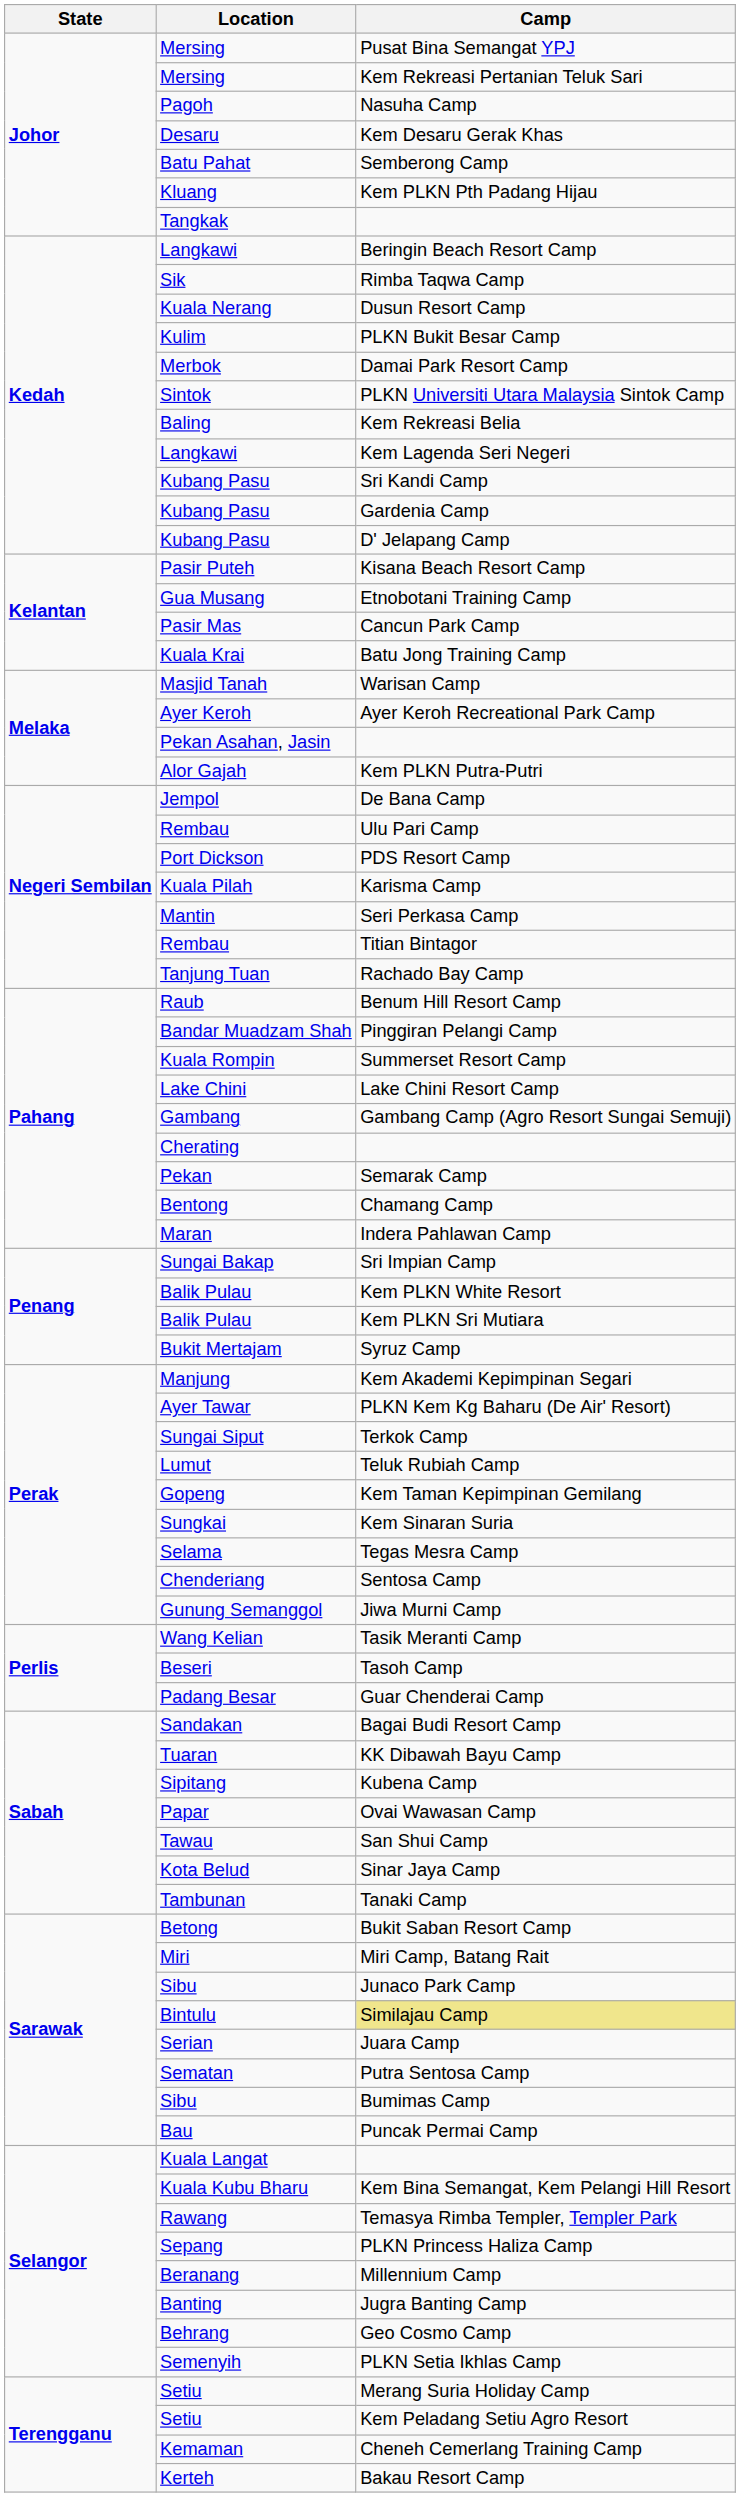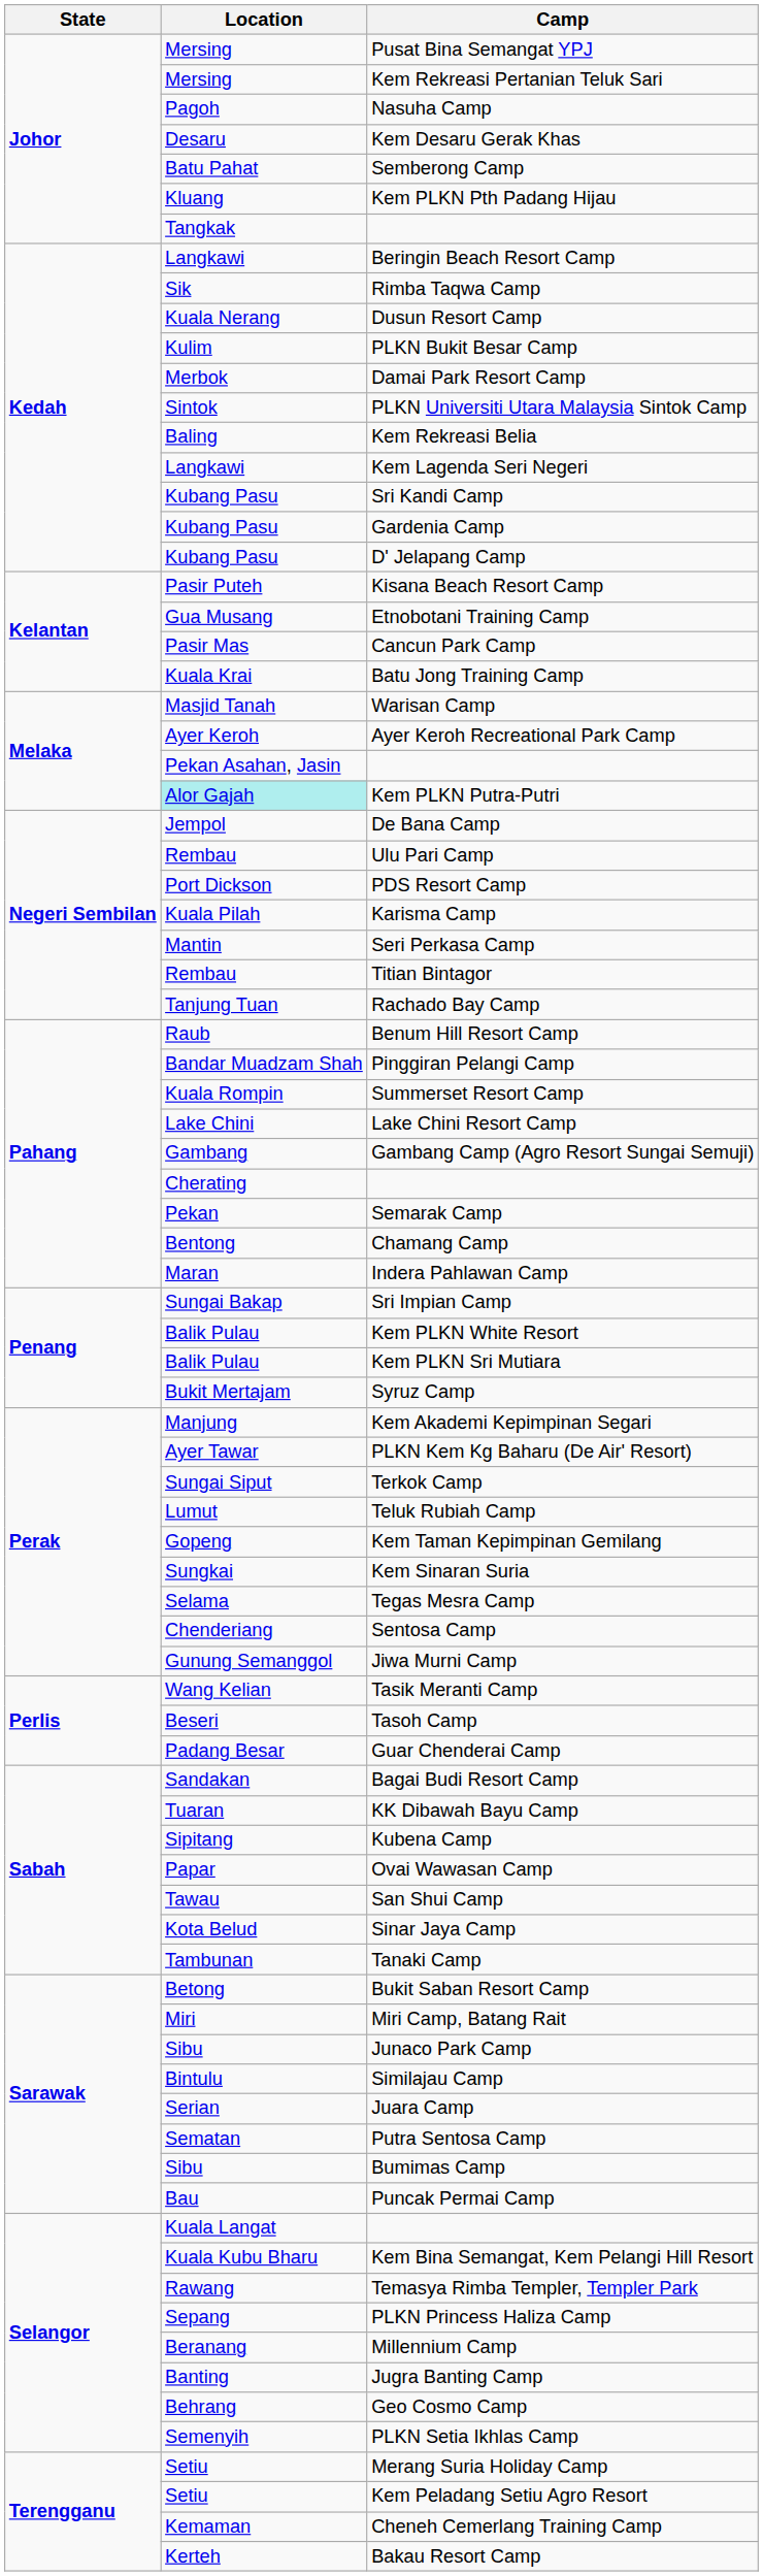 <table class="wikitable">
 <tr>
 <th>State</th>
 <th>Location</th>
 <th>Camp</th>
 </tr>
 <tr>
 <td rowspan="7"><strong><a href='#'>Johor</a></strong></td>
 <td><a href='#'>Mersing</a></td>
 <td>Pusat Bina Semangat <a href='#'>YPJ</a></td>
 </tr>
 <tr>
 <td><a href='#'>Mersing</a></td>
 <td>Kem Rekreasi Pertanian Teluk Sari</td>
 </tr>
 <tr>
 <td><a href='#'>Pagoh</a></td>
 <td>Nasuha Camp</td>
 </tr>
 <tr>
 <td><a href='#'>Desaru</a></td>
 <td>Kem Desaru Gerak Khas</td>
 </tr>
 <tr>
 <td><a href='#'>Batu Pahat</a></td>
 <td>Semberong Camp</td>
 </tr>
 <tr>
 <td><a href='#'>Kluang</a></td>
 <td>Kem PLKN Pth Padang Hijau</td>
 </tr>
 <tr>
 <td><a href='#'>Tangkak</a></td>
 <td></td>
 </tr>
 <tr>
 <td rowspan="11"><strong><a href='#'>Kedah</a></strong></td>
 <td><a href='#'>Langkawi</a></td>
 <td>Beringin Beach Resort Camp</td>
 </tr>
 <tr>
 <td><a href='#'>Sik</a></td>
 <td>Rimba Taqwa Camp</td>
 </tr>
 <tr>
 <td><a href='#'>Kuala Nerang</a></td>
 <td>Dusun Resort Camp</td>
 </tr>
 <tr>
 <td><a href='#'>Kulim</a></td>
 <td>PLKN Bukit Besar Camp</td>
 </tr>
 <tr>
 <td><a href='#'>Merbok</a></td>
 <td>Damai Park Resort Camp</td>
 </tr>
 <tr>
 <td><a href='#'>Sintok</a></td>
 <td>PLKN <a href='#'>Universiti Utara Malaysia</a> Sintok Camp</td>
 </tr>
 <tr>
 <td><a href='#'>Baling</a></td>
 <td>Kem Rekreasi Belia</td>
 </tr>
 <tr>
 <td><a href='#'>Langkawi</a></td>
 <td>Kem Lagenda Seri Negeri</td>
 </tr>
 <tr>
 <td><a href='#'>Kubang Pasu</a></td>
 <td>Sri Kandi Camp</td>
 </tr>
 <tr>
 <td><a href='#'>Kubang Pasu</a></td>
 <td>Gardenia Camp</td>
 </tr>
 <tr>
 <td><a href='#'>Kubang Pasu</a></td>
 <td>D' Jelapang Camp</td>
 </tr>
 <tr>
 <td rowspan="4"><strong><a href='#'>Kelantan</a></strong></td>
 <td><a href='#'>Pasir Puteh</a></td>
 <td>Kisana Beach Resort Camp</td>
 </tr>
 <tr>
 <td><a href='#'>Gua Musang</a></td>
 <td>Etnobotani Training Camp</td>
 </tr>
 <tr>
 <td><a href='#'>Pasir Mas</a></td>
 <td>Cancun Park Camp</td>
 </tr>
 <tr>
 <td><a href='#'>Kuala Krai</a></td>
 <td>Batu Jong Training Camp</td>
 </tr>
 <tr>
 <td rowspan="4"><strong><a href='#'>Melaka</a></strong></td>
 <td><a href='#'>Masjid Tanah</a></td>
 <td>Warisan Camp</td>
 </tr>
 <tr>
 <td><a href='#'>Ayer Keroh</a></td>
 <td>Ayer Keroh Recreational Park Camp</td>
 </tr>
 <tr>
 <td><a href='#'>Pekan Asahan</a>, <a href='#'>Jasin</a></td>
 <td></td>
 </tr>
 <tr>
-<td><a href='#'>Alor Gajah</a></td>
+<td style="background: paleturquoise;"><a href='#'>Alor Gajah</a></td>
 <td>Kem PLKN Putra-Putri</td>
 </tr>
 <tr>
 <td rowspan="7"><strong><a href='#'>Negeri Sembilan</a></strong></td>
 <td><a href='#'>Jempol</a></td>
 <td>De Bana Camp</td>
 </tr>
 <tr>
 <td><a href='#'>Rembau</a></td>
 <td>Ulu Pari Camp</td>
 </tr>
 <tr>
 <td><a href='#'>Port Dickson</a></td>
 <td>PDS Resort Camp</td>
 </tr>
 <tr>
 <td><a href='#'>Kuala Pilah</a></td>
 <td>Karisma Camp</td>
 </tr>
 <tr>
 <td><a href='#'>Mantin</a></td>
 <td>Seri Perkasa Camp</td>
 </tr>
 <tr>
 <td><a href='#'>Rembau</a></td>
 <td>Titian Bintagor</td>
 </tr>
 <tr>
 <td><a href='#'>Tanjung Tuan</a></td>
 <td>Rachado Bay Camp</td>
 </tr>
 <tr>
 <td rowspan="9"><strong><a href='#'>Pahang</a></strong></td>
 <td><a href='#'>Raub</a></td>
 <td>Benum Hill Resort Camp</td>
 </tr>
 <tr>
 <td><a href='#'>Bandar Muadzam Shah</a></td>
 <td>Pinggiran Pelangi Camp</td>
 </tr>
 <tr>
 <td><a href='#'>Kuala Rompin</a></td>
 <td>Summerset Resort Camp</td>
 </tr>
 <tr>
 <td><a href='#'>Lake Chini</a></td>
 <td>Lake Chini Resort Camp</td>
 </tr>
 <tr>
 <td><a href='#'>Gambang</a></td>
 <td>Gambang Camp (Agro Resort Sungai Semuji)</td>
 </tr>
 <tr>
 <td><a href='#'>Cherating</a></td>
 <td></td>
 </tr>
 <tr>
 <td><a href='#'>Pekan</a></td>
 <td>Semarak Camp</td>
 </tr>
 <tr>
 <td><a href='#'>Bentong</a></td>
 <td>Chamang Camp</td>
 </tr>
 <tr>
 <td><a href='#'>Maran</a></td>
 <td>Indera Pahlawan Camp</td>
 </tr>
 <tr>
 <td rowspan="4"><strong><a href='#'>Penang</a></strong></td>
 <td><a href='#'>Sungai Bakap</a></td>
 <td>Sri Impian Camp</td>
 </tr>
 <tr>
 <td><a href='#'>Balik Pulau</a></td>
 <td>Kem PLKN White Resort</td>
 </tr>
 <tr>
 <td><a href='#'>Balik Pulau</a></td>
 <td>Kem PLKN Sri Mutiara</td>
 </tr>
 <tr>
 <td><a href='#'>Bukit Mertajam</a></td>
 <td>Syruz Camp</td>
 </tr>
 <tr>
 <td rowspan="9"><strong><a href='#'>Perak</a></strong></td>
 <td><a href='#'>Manjung</a></td>
 <td>Kem Akademi Kepimpinan Segari</td>
 </tr>
 <tr>
 <td><a href='#'>Ayer Tawar</a></td>
 <td>PLKN Kem Kg Baharu (De Air' Resort)</td>
 </tr>
 <tr>
 <td><a href='#'>Sungai Siput</a></td>
 <td>Terkok Camp</td>
 </tr>
 <tr>
 <td><a href='#'>Lumut</a></td>
 <td>Teluk Rubiah Camp</td>
 </tr>
 <tr>
 <td><a href='#'>Gopeng</a></td>
 <td>Kem Taman Kepimpinan Gemilang</td>
 </tr>
 <tr>
 <td><a href='#'>Sungkai</a></td>
 <td>Kem Sinaran Suria</td>
 </tr>
 <tr>
 <td><a href='#'>Selama</a></td>
 <td>Tegas Mesra Camp</td>
 </tr>
 <tr>
 <td><a href='#'>Chenderiang</a></td>
 <td>Sentosa Camp</td>
 </tr>
 <tr>
 <td><a href='#'>Gunung Semanggol</a></td>
 <td>Jiwa Murni Camp</td>
 </tr>
 <tr>
 <td rowspan="3"><strong><a href='#'>Perlis</a></strong></td>
 <td><a href='#'>Wang Kelian</a></td>
 <td>Tasik Meranti Camp</td>
 </tr>
 <tr>
 <td><a href='#'>Beseri</a></td>
 <td>Tasoh Camp</td>
 </tr>
 <tr>
 <td><a href='#'>Padang Besar</a></td>
 <td>Guar Chenderai Camp</td>
 </tr>
 <tr>
 <td rowspan="7"><strong><a href='#'>Sabah</a></strong></td>
 <td><a href='#'>Sandakan</a></td>
 <td>Bagai Budi Resort Camp</td>
 </tr>
 <tr>
 <td><a href='#'>Tuaran</a></td>
 <td>KK Dibawah Bayu Camp</td>
 </tr>
 <tr>
 <td><a href='#'>Sipitang</a></td>
 <td>Kubena Camp</td>
 </tr>
 <tr>
 <td><a href='#'>Papar</a></td>
 <td>Ovai Wawasan Camp</td>
 </tr>
 <tr>
 <td><a href='#'>Tawau</a></td>
 <td>San Shui Camp</td>
 </tr>
 <tr>
 <td><a href='#'>Kota Belud</a></td>
 <td>Sinar Jaya Camp</td>
 </tr>
 <tr>
 <td><a href='#'>Tambunan</a></td>
 <td>Tanaki Camp</td>
 </tr>
 <tr>
 <td rowspan="8"><strong><a href='#'>Sarawak</a></strong></td>
 <td><a href='#'>Betong</a></td>
 <td>Bukit Saban Resort Camp</td>
 </tr>
 <tr>
 <td><a href='#'>Miri</a></td>
 <td>Miri Camp, Batang Rait</td>
 </tr>
 <tr>
 <td><a href='#'>Sibu</a></td>
 <td>Junaco Park Camp</td>
 </tr>
 <tr>
 <td><a href='#'>Bintulu</a></td>
-<td style="background: khaki;">Similajau Camp</td>
+<td>Similajau Camp</td>
 </tr>
 <tr>
 <td><a href='#'>Serian</a></td>
 <td>Juara Camp</td>
 </tr>
 <tr>
 <td><a href='#'>Sematan</a></td>
 <td>Putra Sentosa Camp</td>
 </tr>
 <tr>
 <td><a href='#'>Sibu</a></td>
 <td>Bumimas Camp</td>
 </tr>
 <tr>
 <td><a href='#'>Bau</a></td>
 <td>Puncak Permai Camp</td>
 </tr>
 <tr>
 <td rowspan="8"><strong><a href='#'>Selangor</a></strong></td>
 <td><a href='#'>Kuala Langat</a></td>
 <td></td>
 </tr>
 <tr>
 <td><a href='#'>Kuala Kubu Bharu</a></td>
 <td>Kem Bina Semangat, Kem Pelangi Hill Resort</td>
 </tr>
 <tr>
 <td><a href='#'>Rawang</a></td>
 <td>Temasya Rimba Templer, <a href='#'>Templer Park</a></td>
 </tr>
 <tr>
 <td><a href='#'>Sepang</a></td>
 <td>PLKN Princess Haliza Camp</td>
 </tr>
 <tr>
 <td><a href='#'>Beranang</a></td>
 <td>Millennium Camp</td>
 </tr>
 <tr>
 <td><a href='#'>Banting</a></td>
 <td>Jugra Banting Camp</td>
 </tr>
 <tr>
 <td><a href='#'>Behrang</a></td>
 <td>Geo Cosmo Camp</td>
 </tr>
 <tr>
 <td><a href='#'>Semenyih</a></td>
 <td>PLKN Setia Ikhlas Camp</td>
 </tr>
 <tr>
 <td rowspan="4"><strong><a href='#'>Terengganu</a></strong></td>
 <td><a href='#'>Setiu</a></td>
 <td>Merang Suria Holiday Camp</td>
 </tr>
 <tr>
 <td><a href='#'>Setiu</a></td>
 <td>Kem Peladang Setiu Agro Resort</td>
 </tr>
 <tr>
 <td><a href='#'>Kemaman</a></td>
 <td>Cheneh Cemerlang Training Camp</td>
 </tr>
 <tr>
 <td><a href='#'>Kerteh</a></td>
 <td>Bakau Resort Camp</td>
 </tr>
 </table>
